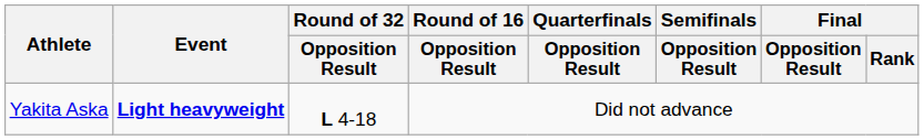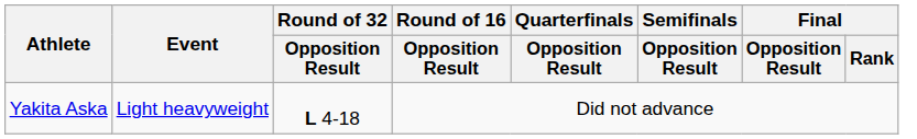 <table class="wikitable" style="font-size:90%">
 <tr>
 <th rowspan="2">Athlete</th>
 <th rowspan="2">Event</th>
 <th>Round of 32</th>
 <th>Round of 16</th>
 <th>Quarterfinals</th>
 <th>Semifinals</th>
 <th colspan=2>Final</th>
 </tr>
 <tr style="font-size:95%">
 <th>Opposition<br>Result</th>
 <th>Opposition<br>Result</th>
 <th>Opposition<br>Result</th>
 <th>Opposition<br>Result</th>
 <th>Opposition<br>Result</th>
 <th>Rank</th>
 </tr>
 <tr align=center>
 <td align=left><a href='#'>Yakita Aska</a></td>
-<td align=left><strong><a href='#'>Light heavyweight</a></strong></td>
+<td align=left><a href='#'>Light heavyweight</a></td>
 <td><br> <strong>L</strong> 4-18</td>
 <td colspan=5>Did not advance</td>
 </tr>
 </table>
